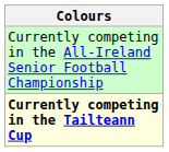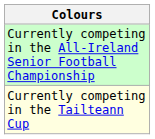 <table class="wikitable">
 <tr>
 <th width="150">Colours</th>
 </tr>
 <tr style="background:#ccffcc">
 <td>Currently competing in the <a href='#'>All-Ireland Senior Football Championship</a></td>
 </tr>
 <tr style="background:#FFFFE0">
-<td><strong>Currently competing in the <a href='#'>Tailteann Cup</a></strong></td>
+<td>Currently competing in the <a href='#'>Tailteann Cup</a></td>
 </tr>
 </table>
